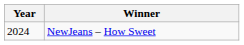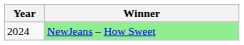 <table class="wikitable">
 <tr align=center>
 <th style="width:50px">Year</th>
 <th style="width:270px">Winner</th>
 </tr>
 <tr>
 <td rowspan="2">2024</td>
-<td><a href='#'>NewJeans</a> – <a href='#'>How Sweet</a></td>
+<td style="background: lightgreen;"><a href='#'>NewJeans</a> – <a href='#'>How Sweet</a></td>
 </tr>
 </table>
